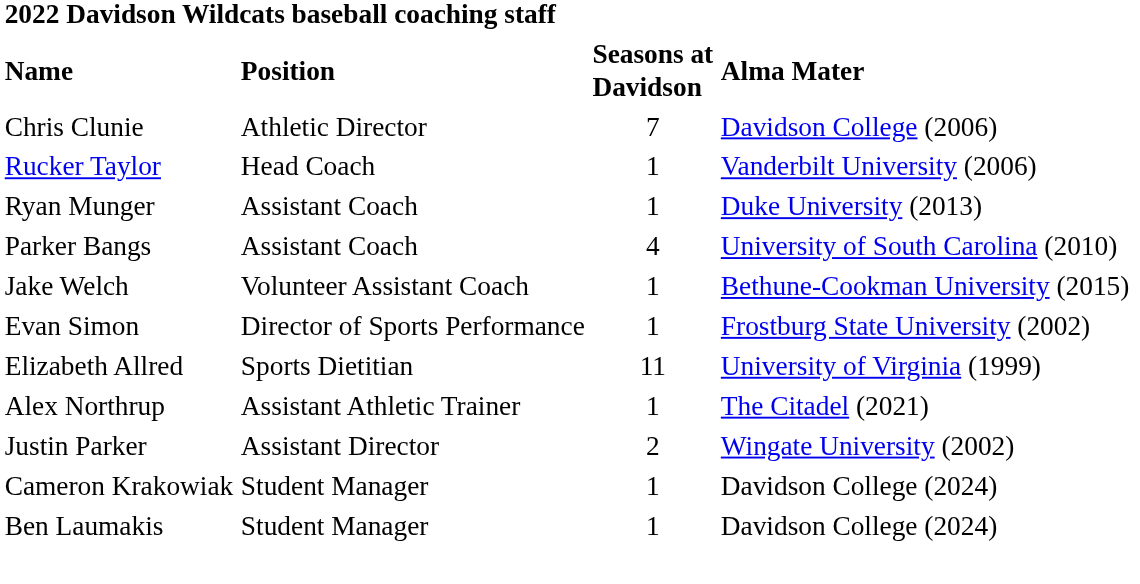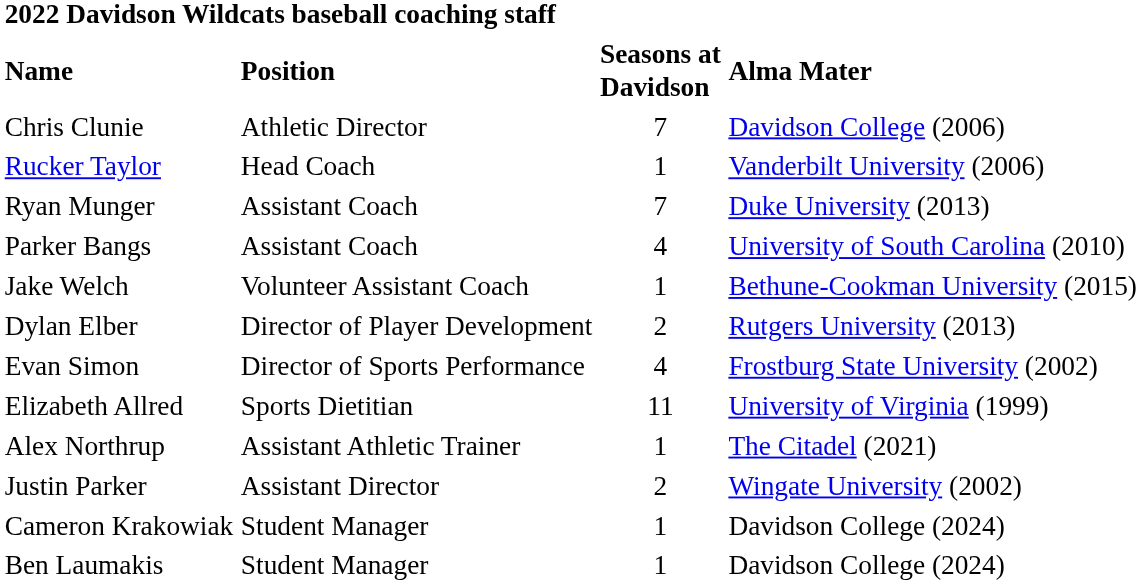 <table class="toccolours" style="text-align: left; font-size:90%;">
 <tr>
 <th colspan="4">2022 Davidson Wildcats baseball coaching staff</th>
 </tr>
 <tr>
 <th>Name</th>
 <th>Position</th>
 <th>Seasons at<br>Davidson</th>
 <th>Alma Mater</th>
 </tr>
 <tr>
 <td>Chris Clunie</td>
 <td>Athletic Director</td>
 <td align=center>7</td>
 <td><a href='#'>Davidson College</a> (2006)</td>
 </tr>
 <tr>
 <td><a href='#'>Rucker Taylor</a></td>
 <td>Head Coach</td>
 <td align=center>1</td>
 <td><a href='#'>Vanderbilt University</a> (2006)</td>
 </tr>
 <tr>
 <td>Ryan Munger</td>
 <td>Assistant Coach</td>
-<td align=center>1</td>
+<td align=center>7</td>
 <td><a href='#'>Duke University</a> (2013)</td>
 </tr>
 <tr>
 <td>Parker Bangs</td>
 <td>Assistant Coach</td>
 <td align=center>4</td>
 <td><a href='#'>University of South Carolina</a> (2010)</td>
 </tr>
 <tr>
 <td>Jake Welch</td>
 <td>Volunteer Assistant Coach</td>
 <td align=center>1</td>
 <td><a href='#'>Bethune-Cookman University</a> (2015)</td>
 </tr>
 <tr>
+<td>Dylan Elber</td>
+<td>Director of Player Development</td>
+<td align="center">2</td>
+<td><a href='#'>Rutgers University</a> (2013)</td>
+</tr>
+<tr>
 <td>Evan Simon</td>
 <td>Director of Sports Performance</td>
-<td align="center">1</td>
+<td align="center">4</td>
 <td><a href='#'>Frostburg State University</a> (2002)</td>
 </tr>
 <tr>
 <td>Elizabeth Allred</td>
 <td>Sports Dietitian</td>
 <td align=center>11</td>
 <td><a href='#'>University of Virginia</a> (1999)</td>
 </tr>
 <tr>
 <td>Alex Northrup</td>
 <td>Assistant Athletic Trainer</td>
 <td align=center>1</td>
 <td><a href='#'>The Citadel</a> (2021)</td>
 </tr>
 <tr>
 <td>Justin Parker</td>
 <td>Assistant Director</td>
 <td align=center>2</td>
 <td><a href='#'>Wingate University</a> (2002)</td>
 </tr>
 <tr>
 <td>Cameron Krakowiak</td>
 <td>Student Manager</td>
 <td align=center>1</td>
 <td>Davidson College (2024)</td>
 </tr>
 <tr>
 <td>Ben Laumakis</td>
 <td>Student Manager</td>
 <td align=center>1</td>
 <td>Davidson College (2024)</td>
 </tr>
 </table>
